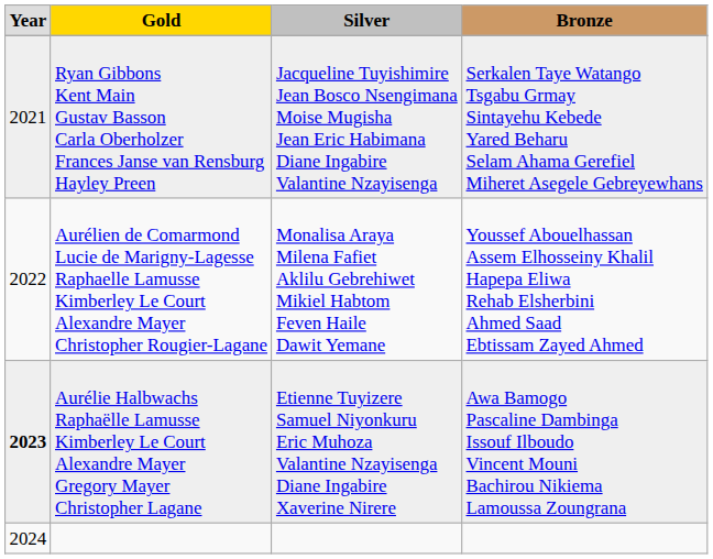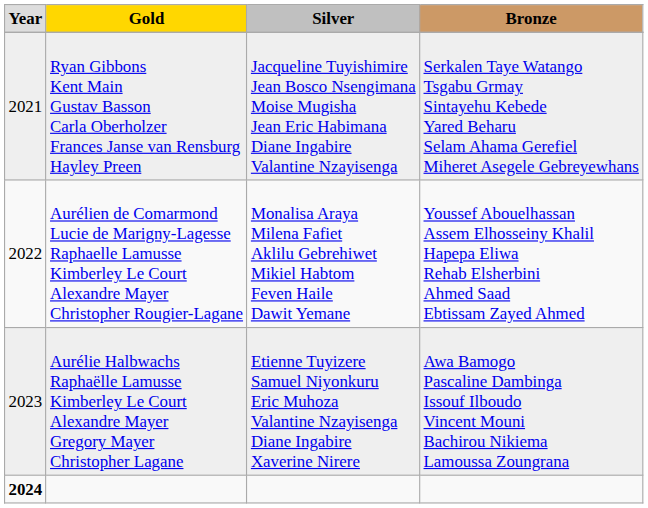 <table class="wikitable sortable alternance" style="font-size:95%">
 <tr style="text-align:center; background:#e4e4e4; font-weight:bold;">
 <td style="background:#ddd;">Year</td>
 <td style="background:gold;">Gold</td>
 <td style="background:silver;">Silver</td>
 <td style="background:#c96;">Bronze</td>
 </tr>
 <tr style="background:#efefef;">
 </tr>
 <tr bgcolor="#EFEFEF">
 <td>2021</td>
 <td> <br><a href='#'>Ryan Gibbons</a><br><a href='#'>Kent Main</a><br><a href='#'>Gustav Basson</a><br><a href='#'>Carla Oberholzer</a><br><a href='#'>Frances Janse van Rensburg</a><br><a href='#'>Hayley Preen</a></td>
 <td> <br><a href='#'>Jacqueline Tuyishimire</a><br><a href='#'>Jean Bosco Nsengimana</a><br><a href='#'>Moise Mugisha</a><br><a href='#'>Jean Eric Habimana</a><br><a href='#'>Diane Ingabire</a><br><a href='#'>Valantine Nzayisenga</a></td>
 <td> <br><a href='#'>Serkalen Taye Watango</a><br><a href='#'>Tsgabu Grmay</a><br><a href='#'>Sintayehu Kebede</a><br><a href='#'>Yared Beharu</a><br><a href='#'>Selam Ahama Gerefiel</a><br><a href='#'>Miheret Asegele Gebreyewhans</a></td>
 </tr>
 <tr>
 <td>2022</td>
 <td><br><a href='#'>Aurélien de Comarmond</a><br><a href='#'>Lucie de Marigny-Lagesse</a><br><a href='#'>Raphaelle Lamusse</a><br><a href='#'>Kimberley Le Court</a><br><a href='#'>Alexandre Mayer</a><br><a href='#'>Christopher Rougier-Lagane</a></td>
 <td><br><a href='#'>Monalisa Araya</a><br><a href='#'>Milena Fafiet</a><br><a href='#'>Aklilu Gebrehiwet</a><br><a href='#'>Mikiel Habtom</a><br><a href='#'>Feven Haile</a><br><a href='#'>Dawit Yemane</a></td>
 <td><br><a href='#'>Youssef Abouelhassan</a><br><a href='#'>Assem Elhosseiny Khalil</a><br><a href='#'>Hapepa Eliwa</a><br><a href='#'>Rehab Elsherbini</a><br><a href='#'>Ahmed Saad</a><br><a href='#'>Ebtissam Zayed Ahmed</a></td>
 </tr>
 <tr bgcolor="#EFEFEF">
-<td><strong>2023</strong></td>
+<td>2023</td>
 <td><br><a href='#'>Aurélie Halbwachs</a><br><a href='#'>Raphaëlle Lamusse</a><br><a href='#'>Kimberley Le Court</a><br><a href='#'>Alexandre Mayer</a><br><a href='#'>Gregory Mayer</a><br><a href='#'>Christopher Lagane</a></td>
 <td><br><a href='#'>Etienne Tuyizere</a><br><a href='#'>Samuel Niyonkuru</a><br><a href='#'>Eric Muhoza</a><br><a href='#'>Valantine Nzayisenga</a><br><a href='#'>Diane Ingabire</a><br><a href='#'>Xaverine Nirere</a></td>
 <td><br><a href='#'>Awa Bamogo</a><br><a href='#'>Pascaline Dambinga</a><br><a href='#'>Issouf Ilboudo</a><br><a href='#'>Vincent Mouni</a><br><a href='#'>Bachirou Nikiema</a><br><a href='#'>Lamoussa Zoungrana</a></td>
 </tr>
 <tr>
-<td>2024</td>
+<td><strong>2024</strong></td>
 <td></td>
 <td></td>
 <td></td>
 </tr>
 </table>
